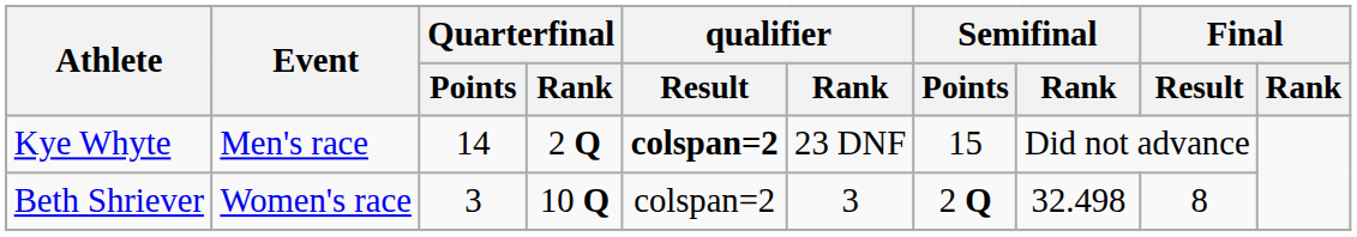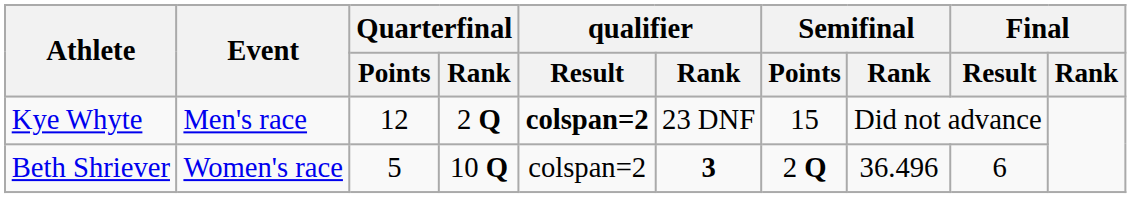 <table class=wikitable style=font-size:90%;text-align:center>
 <tr>
 <th rowspan=2>Athlete</th>
 <th rowspan=2>Event</th>
 <th colspan=2>Quarterfinal</th>
 <th colspan=2> qualifier</th>
 <th colspan=2>Semifinal</th>
 <th colspan=2>Final</th>
 </tr>
 <tr style=font-size:95%>
 <th>Points</th>
 <th>Rank</th>
 <th>Result</th>
 <th>Rank</th>
 <th>Points</th>
 <th>Rank</th>
 <th>Result</th>
 <th>Rank</th>
 </tr>
 <tr>
 <td align=left><a href='#'>Kye Whyte</a></td>
 <td align=left><a href='#'>Men's race</a></td>
-<td>14</td>
+<td>12</td>
 <td>2 <strong>Q</strong></td>
 <td><strong>colspan=2 </strong></td>
 <td>23 DNF</td>
 <td>15</td>
 <td colspan="2">Did not advance</td>
 </tr>
 <tr>
 <td align=left><a href='#'>Beth Shriever</a></td>
 <td align=left><a href='#'>Women's race</a></td>
-<td>3</td>
+<td>5</td>
 <td>10 <strong>Q</strong></td>
 <td>colspan=2 </td>
-<td>3</td>
+<td><strong>3</strong></td>
 <td>2 <strong>Q</strong></td>
-<td>32.498</td>
-<td>8</td>
+<td>36.496</td>
+<td>6</td>
 </tr>
 </table>
